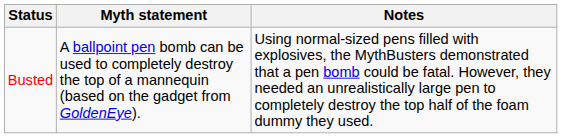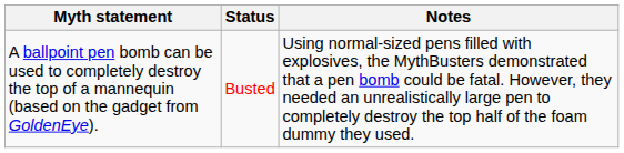 <table class="wikitable plainrowheaders">
 <tr>
+<th>Myth statement</th>
 <th>Status</th>
-<th>Myth statement</th>
 <th>Notes</th>
 </tr>
 <tr>
+<td>A <a href='#'>ballpoint pen</a> bomb can be used to completely destroy the top of a mannequin (based on the gadget from <em><a href='#'>GoldenEye</a></em>).</td>
 <td style="color:red">Busted</td>
-<td>A <a href='#'>ballpoint pen</a> bomb can be used to completely destroy the top of a mannequin (based on the gadget from <em><a href='#'>GoldenEye</a></em>).</td>
 <td>Using normal-sized pens filled with explosives, the MythBusters demonstrated that a pen <a href='#'>bomb</a> could be fatal. However, they needed an unrealistically large pen to completely destroy the top half of the foam dummy they used.</td>
 </tr>
 </table>
